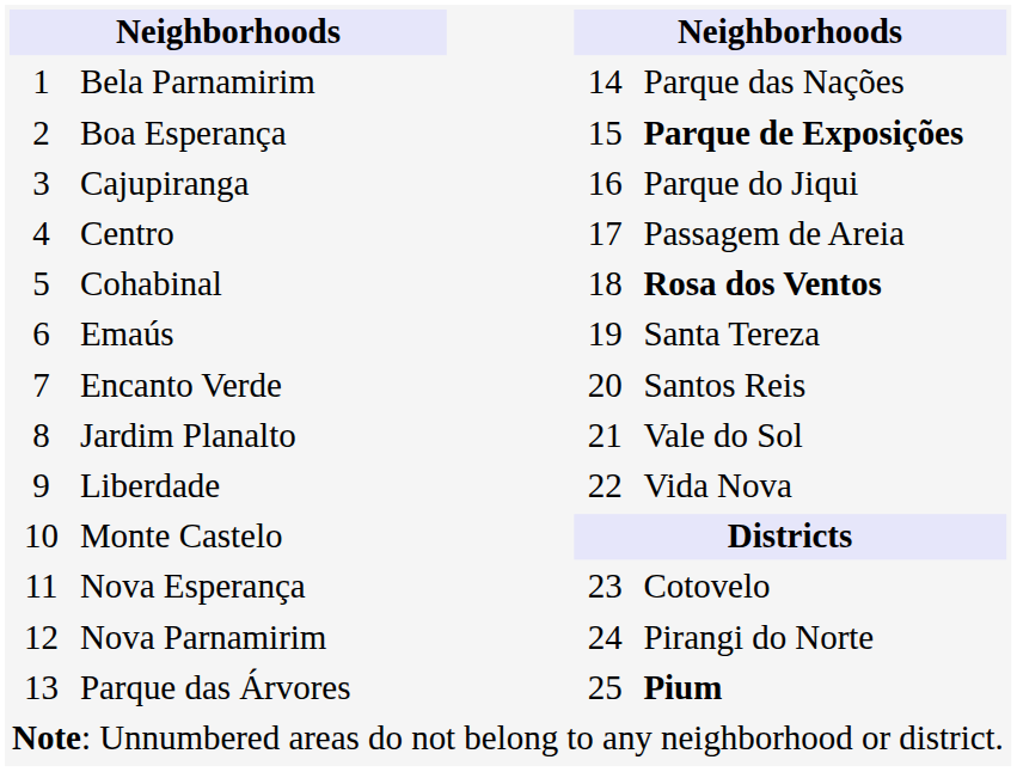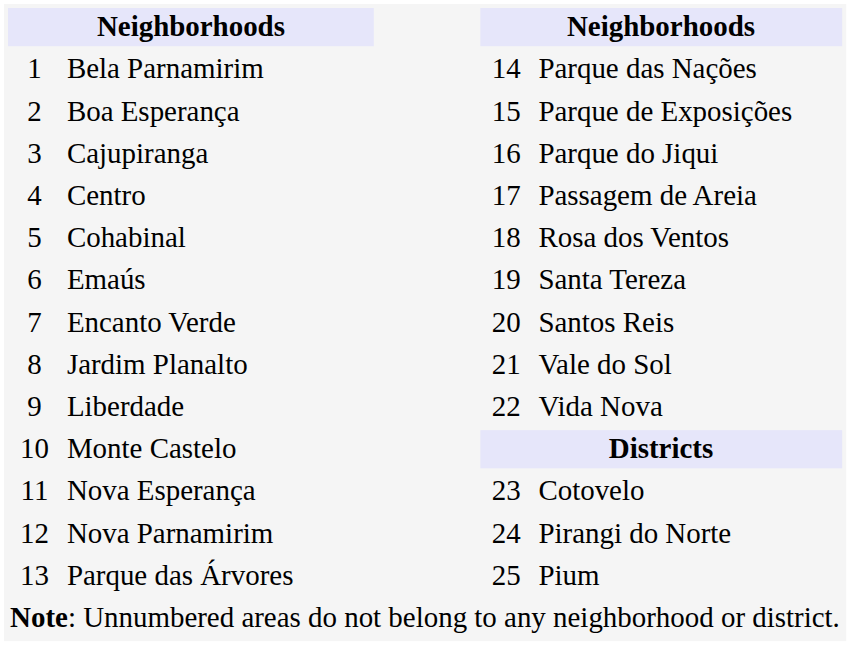 <table class="toccolours" style="text-align:center; font-size:90%; background:#F5F5F5;">
 <tr>
 <td colspan="2" style="background:lavender; font-weight:bold;" width="180px">Neighborhoods</td>
 <td rowspan="14"><br>                             </td>
 <td colspan="2" style="background:lavender; font-weight:bold;">Neighborhoods</td>
 </tr>
 <tr>
 <td width="24px">1</td>
 <td style="text-align:left;" width="150px">Bela Parnamirim</td>
 <td width="24px">14</td>
 <td style="text-align:left;" width="150px">Parque das Nações</td>
 </tr>
 <tr>
 <td>2</td>
 <td style="text-align:left;">Boa Esperança</td>
 <td>15</td>
-<td style="text-align:left;"><strong>Parque de Exposições</strong></td>
+<td style="text-align:left;">Parque de Exposições</td>
 </tr>
 <tr>
 <td>3</td>
 <td style="text-align:left;">Cajupiranga</td>
 <td>16</td>
 <td style="text-align:left;">Parque do Jiqui</td>
 </tr>
 <tr>
 <td>4</td>
 <td style="text-align:left;">Centro</td>
 <td>17</td>
 <td style="text-align:left;">Passagem de Areia</td>
 </tr>
 <tr>
 <td>5</td>
 <td style="text-align:left;">Cohabinal</td>
 <td>18</td>
-<td style="text-align:left;"><strong>Rosa dos Ventos</strong></td>
+<td style="text-align:left;">Rosa dos Ventos</td>
 </tr>
 <tr>
 <td>6</td>
 <td style="text-align:left;">Emaús</td>
 <td>19</td>
 <td style="text-align:left;">Santa Tereza</td>
 </tr>
 <tr>
 <td>7</td>
 <td style="text-align:left;">Encanto Verde</td>
 <td>20</td>
 <td style="text-align:left;">Santos Reis</td>
 </tr>
 <tr>
 <td>8</td>
 <td style="text-align:left;">Jardim Planalto</td>
 <td>21</td>
 <td style="text-align:left;">Vale do Sol</td>
 </tr>
 <tr>
 <td>9</td>
 <td style="text-align:left;">Liberdade</td>
 <td>22</td>
 <td style="text-align:left;">Vida Nova</td>
 </tr>
 <tr>
 <td>10</td>
 <td style="text-align:left;">Monte Castelo</td>
 <td colspan="2" style="background:lavender; font-weight:bold;"><strong>Districts</strong></td>
 </tr>
 <tr>
 <td>11</td>
 <td style="text-align:left;">Nova Esperança</td>
 <td>23</td>
 <td style="text-align:left;">Cotovelo</td>
 </tr>
 <tr>
 <td>12</td>
 <td style="text-align:left;">Nova Parnamirim</td>
 <td>24</td>
 <td style="text-align:left;">Pirangi do Norte</td>
 </tr>
 <tr>
 <td>13</td>
 <td style="text-align:left;">Parque das Árvores</td>
 <td>25</td>
-<td style="text-align:left;"><strong>Pium</strong></td>
+<td style="text-align:left;">Pium</td>
 </tr>
 <tr>
 <td colspan="5"><strong>Note</strong>: Unnumbered areas do not belong to any neighborhood or district.</td>
 </tr>
 </table>
